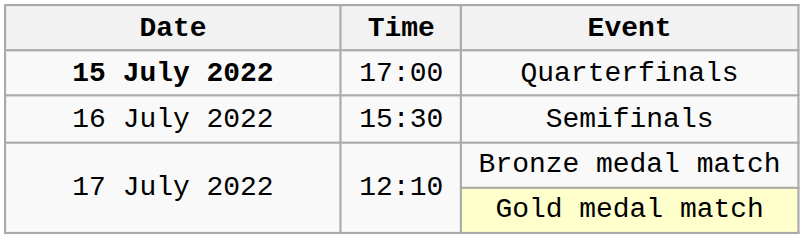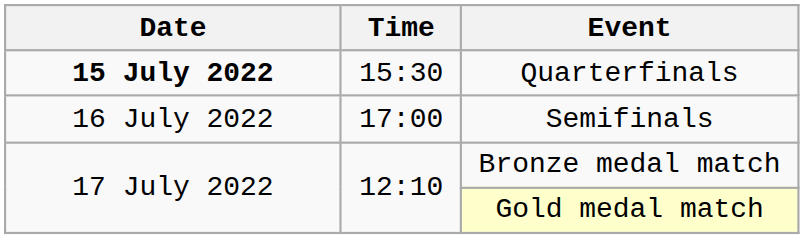 <table class = "wikitable" style="text-align:center;">
 <tr>
 <th width=150>Date</th>
 <th width=50>Time</th>
 <th width=150>Event</th>
 </tr>
 <tr>
 <td><strong>15 July 2022</strong></td>
-<td>17:00</td>
+<td>15:30</td>
 <td>Quarterfinals</td>
 </tr>
 <tr>
 <td>16 July 2022</td>
-<td>15:30</td>
+<td>17:00</td>
 <td>Semifinals</td>
 </tr>
 <tr>
 <td rowspan=2>17 July 2022</td>
 <td rowspan=2>12:10</td>
 <td>Bronze  medal match</td>
 </tr>
 <tr>
 <td bgcolor=ffffcc>Gold medal match</td>
 </tr>
 </table>
